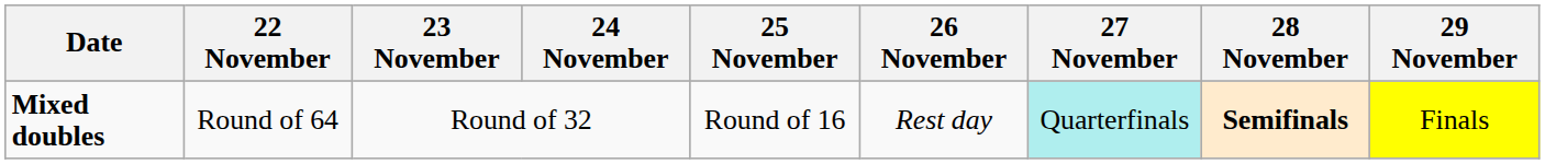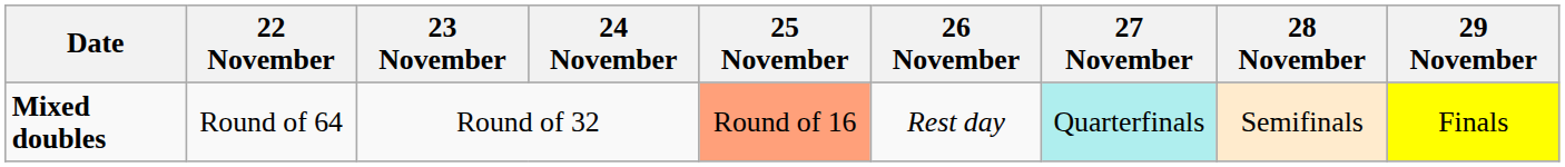 <table class="wikitable" style="text-align:center">
 <tr>
 <th>Date</th>
 <th>22 November</th>
 <th>23 November</th>
 <th>24 November</th>
 <th>25 November</th>
 <th>26 November</th>
 <th>27 November</th>
 <th>28 November</th>
 <th>29 November</th>
 </tr>
 <tr>
 <td align="left"><strong>Mixed doubles</strong></td>
 <td>Round of 64</td>
 <td colspan=2>Round of 32</td>
-<td>Round of 16</td>
+<td style="background: lightsalmon;">Round of 16</td>
 <td><em>Rest day</em></td>
 <td bgcolor="#afeeee">Quarterfinals</td>
-<td bgcolor="#ffebcd"><strong>Semifinals</strong></td>
+<td bgcolor="#ffebcd">Semifinals</td>
 <td bgcolor="#FFFF00">Finals</td>
 </tr>
 </table>
